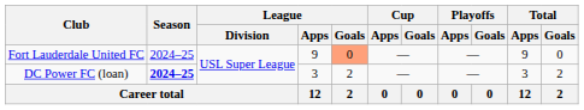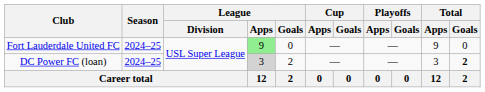 <table class="wikitable" style="text-align: center;">
 <tr>
 <th rowspan="2">Club</th>
 <th rowspan="2">Season</th>
 <th colspan="3">League</th>
 <th colspan="2">Cup</th>
 <th colspan="2">Playoffs</th>
 <th colspan="2">Total</th>
 </tr>
 <tr>
 <th>Division</th>
 <th>Apps</th>
 <th>Goals</th>
 <th>Apps</th>
 <th>Goals</th>
 <th>Apps</th>
 <th>Goals</th>
 <th>Apps</th>
 <th>Goals</th>
 </tr>
 <tr>
 <td><a href='#'>Fort Lauderdale United FC</a></td>
 <td><a href='#'>2024–25</a></td>
 <td rowspan="2"><a href='#'>USL Super League</a></td>
-<td>9</td>
-<td style="background: lightsalmon;">0</td>
+<td style="background: lightgreen;">9</td>
+<td>0</td>
 <td colspan="2">—</td>
 <td colspan="2">—</td>
 <td>9</td>
 <td>0</td>
 </tr>
 <tr>
 <td><a href='#'>DC Power FC</a> (loan)</td>
-<td><strong><a href='#'>2024–25</a></strong></td>
-<td>3</td>
+<td><a href='#'>2024–25</a></td>
+<td style="background: lightgrey;">3</td>
 <td>2</td>
 <td colspan="2">—</td>
 <td colspan="2">—</td>
 <td>3</td>
-<td>2</td>
+<td><strong>2</strong></td>
 </tr>
 <tr>
 <th colspan="3">Career total</th>
 <th>12</th>
 <th>2</th>
 <th>0</th>
 <th>0</th>
 <th>0</th>
 <th>0</th>
 <th>12</th>
 <th>2</th>
 </tr>
 </table>
